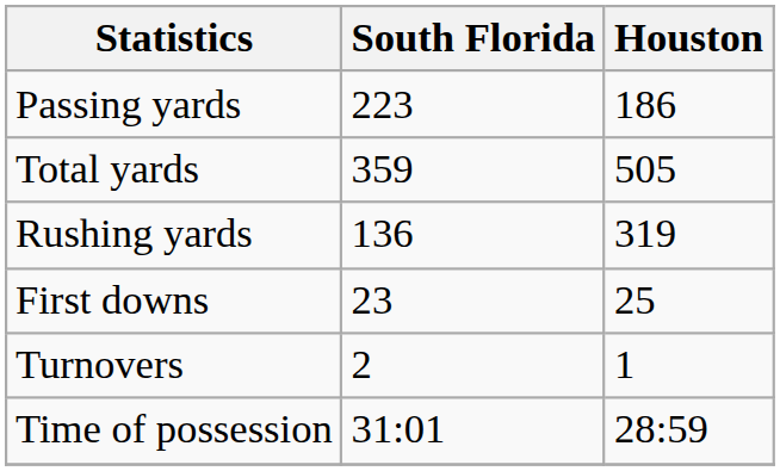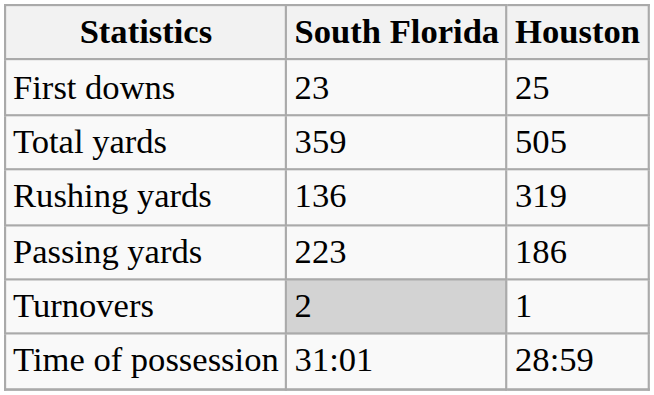 <table class="wikitable">
 <tr>
 <th>Statistics</th>
 <th>South Florida</th>
 <th>Houston</th>
 </tr>
 <tr>
-<td>Passing yards</td>
-<td>223</td>
-<td>186</td>
+<td>First downs</td>
+<td>23</td>
+<td>25</td>
 </tr>
 <tr>
 <td>Total yards</td>
 <td>359</td>
 <td>505</td>
 </tr>
 <tr>
 <td>Rushing yards</td>
 <td>136</td>
 <td>319</td>
 </tr>
 <tr>
-<td>First downs</td>
-<td>23</td>
-<td>25</td>
+<td>Passing yards</td>
+<td>223</td>
+<td>186</td>
 </tr>
 <tr>
 <td>Turnovers</td>
-<td>2</td>
+<td style="background: lightgrey;">2</td>
 <td>1</td>
 </tr>
 <tr>
 <td>Time of possession</td>
 <td>31:01</td>
 <td>28:59</td>
 </tr>
 <tr>
 </tr>
 </table>
